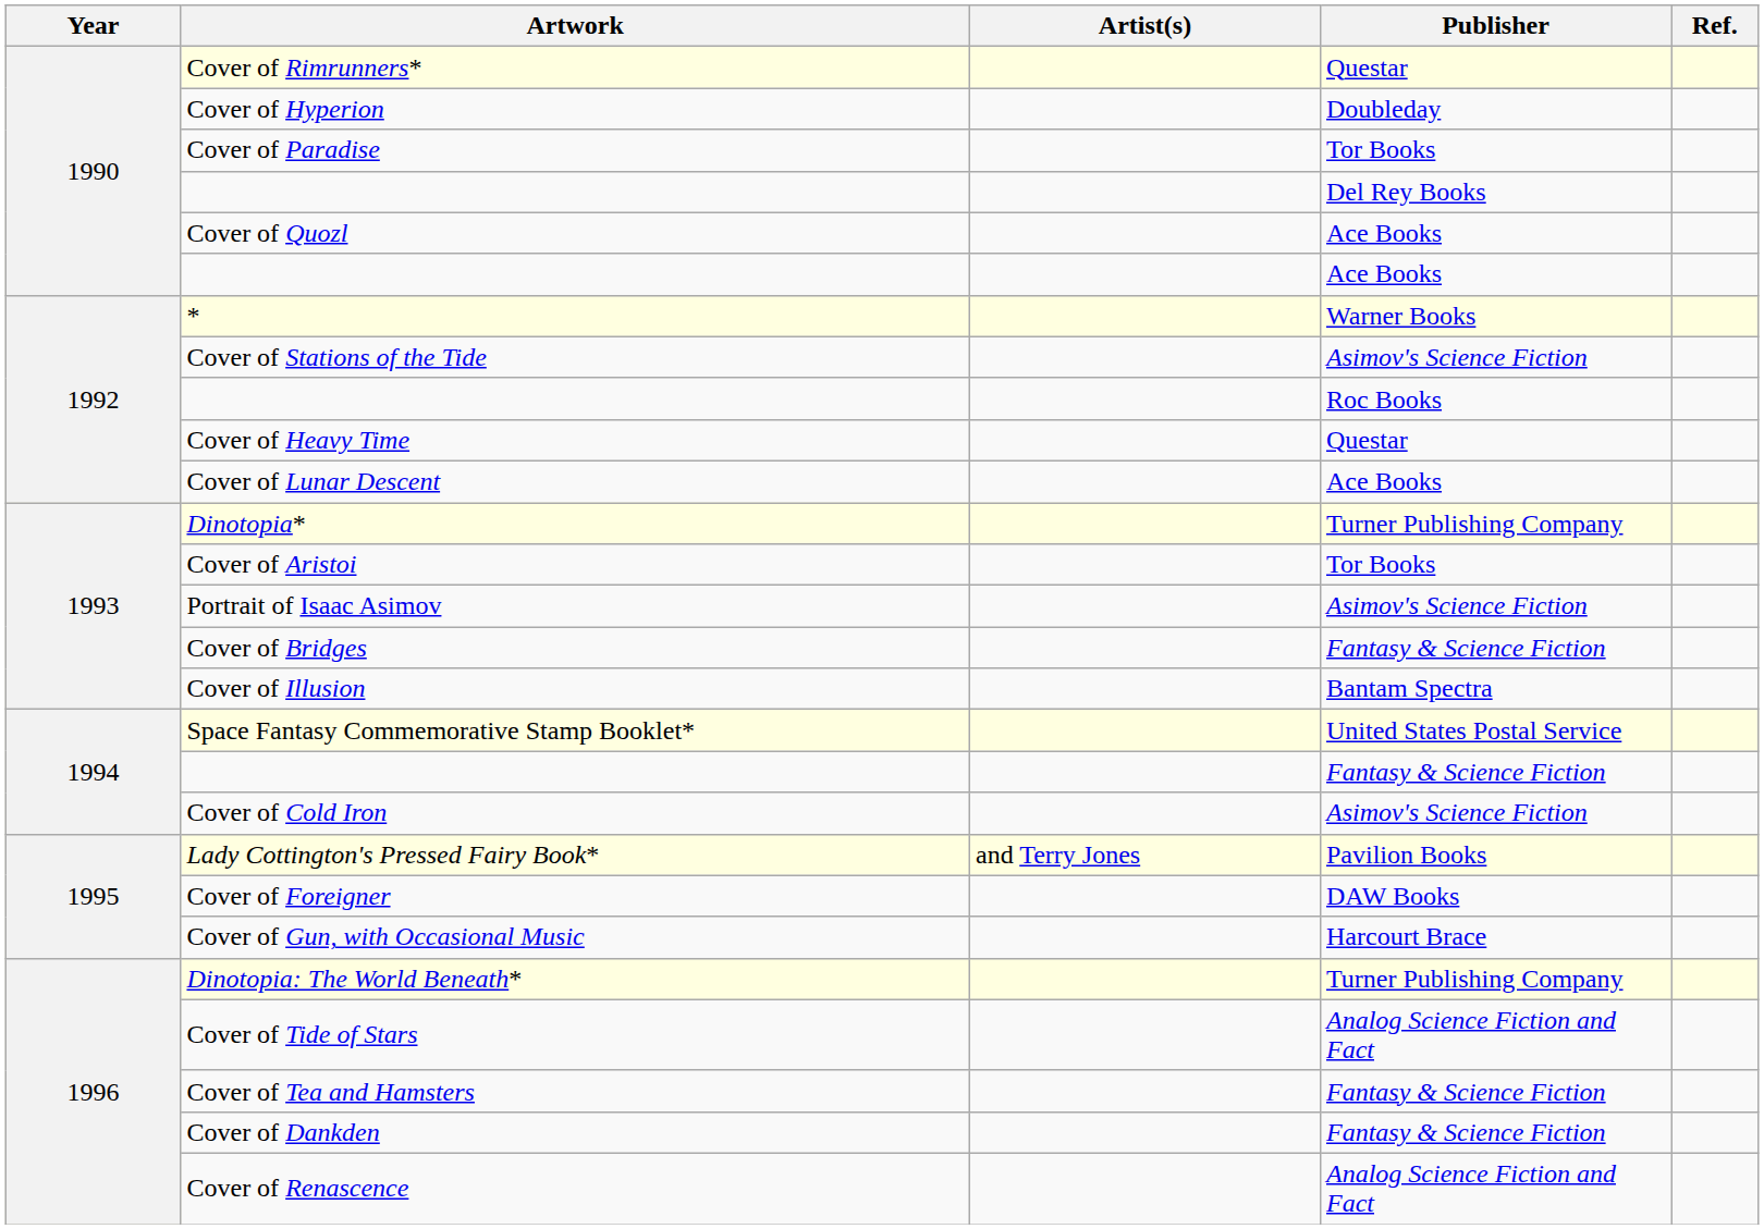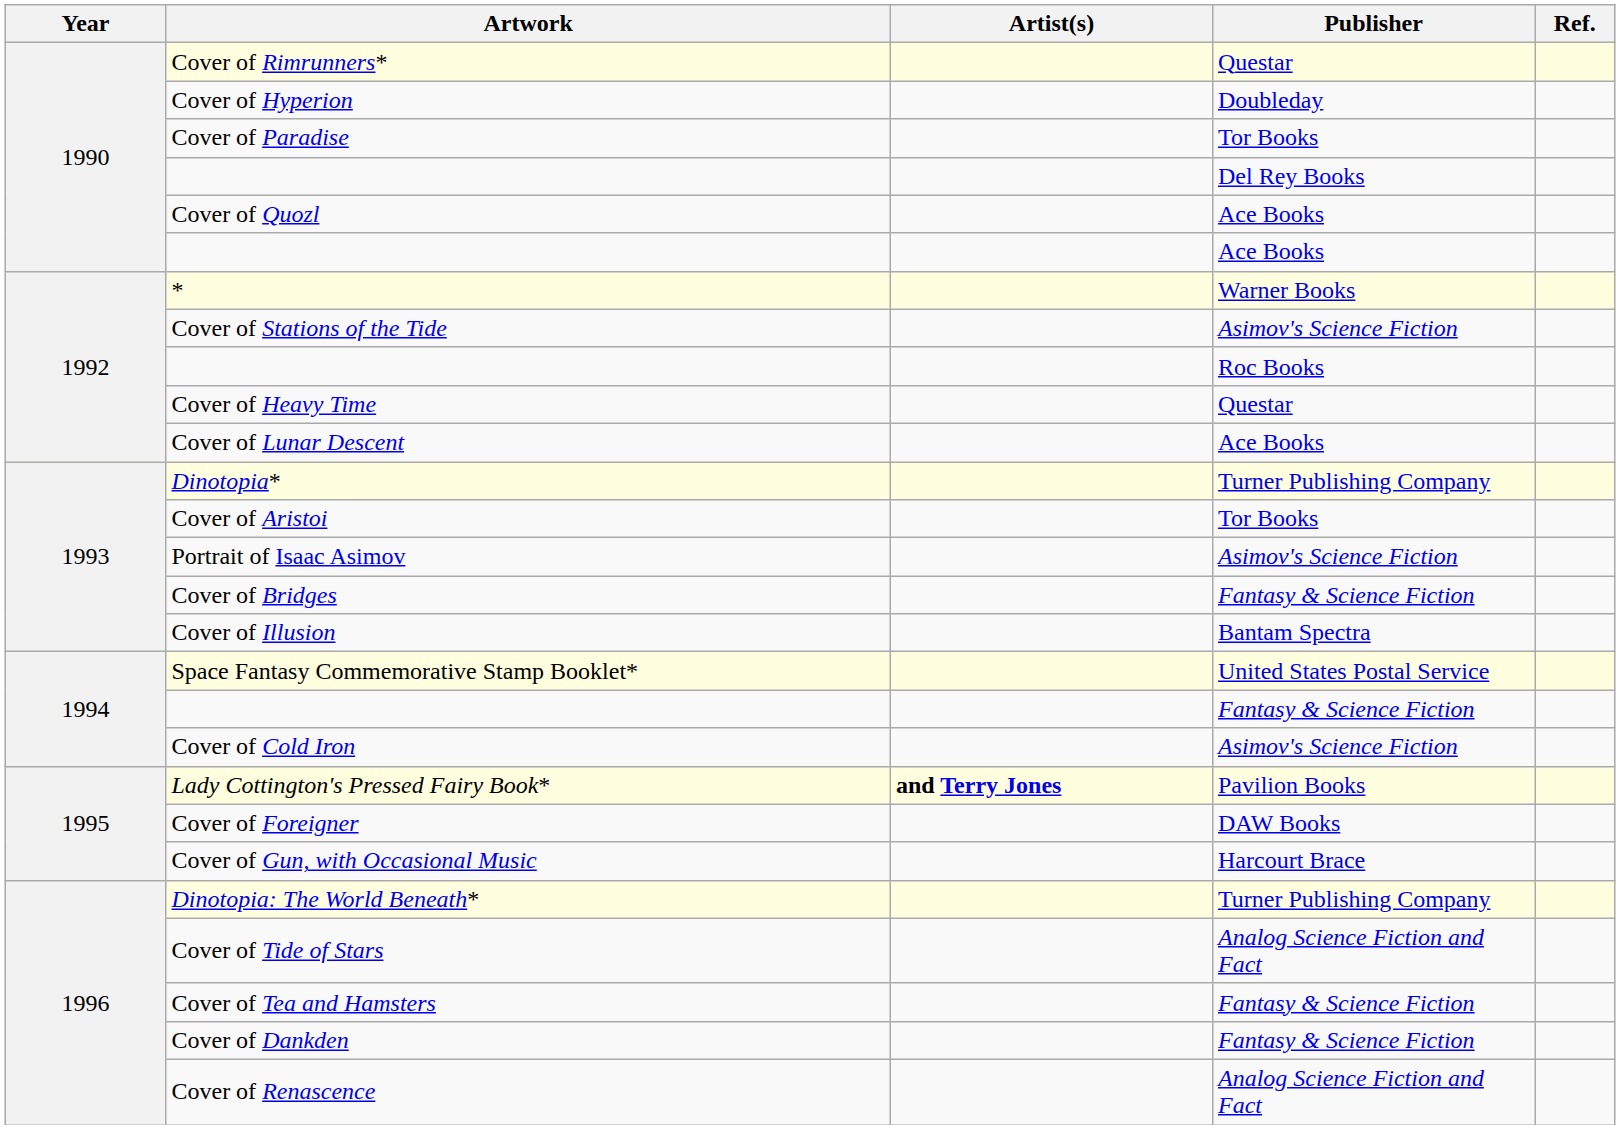 <table class="sortable wikitable" width="85%" cellpadding="5" style="margin: 1em auto 1em auto">
 <tr>
 <th width="10%" scope="col">Year</th>
 <th width="45%" scope="col">Artwork</th>
 <th width="20%" scope="col">Artist(s)</th>
 <th width="20%" scope="col">Publisher</th>
 <th width="5%" scope="col" class="unsortable">Ref.</th>
 </tr>
 <tr style="background:lightyellow;">
 <th scope="rowgroup" align="center" rowspan="6" style="font-weight:normal;">1990</th>
 <td>Cover of <em><a href='#'>Rimrunners</a></em>*</td>
 <td></td>
 <td><a href='#'>Questar</a></td>
 <td align="center"></td>
 </tr>
 <tr>
 <td>Cover of <em><a href='#'>Hyperion</a></em></td>
 <td></td>
 <td><a href='#'>Doubleday</a></td>
 <td align="center"></td>
 </tr>
 <tr>
 <td>Cover of <em><a href='#'>Paradise</a></em></td>
 <td></td>
 <td><a href='#'>Tor Books</a></td>
 <td align="center"></td>
 </tr>
 <tr>
 <td></td>
 <td></td>
 <td><a href='#'>Del Rey Books</a></td>
 <td align="center"></td>
 </tr>
 <tr>
 <td>Cover of <em><a href='#'>Quozl</a></em></td>
 <td></td>
 <td><a href='#'>Ace Books</a></td>
 <td align="center"></td>
 </tr>
 <tr>
 <td></td>
 <td></td>
 <td><a href='#'>Ace Books</a></td>
 <td align="center"></td>
 </tr>
 <tr style="background:lightyellow;">
 <th scope="rowgroup" align="center" rowspan="5" style="font-weight:normal;">1992</th>
 <td>*</td>
 <td></td>
 <td><a href='#'>Warner Books</a></td>
 <td align="center"></td>
 </tr>
 <tr>
 <td>Cover of <em><a href='#'>Stations of the Tide</a></em></td>
 <td></td>
 <td><em><a href='#'>Asimov's Science Fiction</a></em></td>
 <td align="center"></td>
 </tr>
 <tr>
 <td></td>
 <td></td>
 <td><a href='#'>Roc Books</a></td>
 <td align="center"></td>
 </tr>
 <tr>
 <td>Cover of <em><a href='#'>Heavy Time</a></em></td>
 <td></td>
 <td><a href='#'>Questar</a></td>
 <td align="center"></td>
 </tr>
 <tr>
 <td>Cover of <em><a href='#'>Lunar Descent</a></em></td>
 <td></td>
 <td><a href='#'>Ace Books</a></td>
 <td align="center"></td>
 </tr>
 <tr style="background:lightyellow;">
 <th scope="rowgroup" align="center" rowspan="5" style="font-weight:normal;">1993</th>
 <td><em><a href='#'>Dinotopia</a></em>*</td>
 <td></td>
 <td><a href='#'>Turner Publishing Company</a></td>
 <td align="center"></td>
 </tr>
 <tr>
 <td>Cover of <em><a href='#'>Aristoi</a></em></td>
 <td></td>
 <td><a href='#'>Tor Books</a></td>
 <td align="center"></td>
 </tr>
 <tr>
 <td>Portrait of <a href='#'>Isaac Asimov</a></td>
 <td></td>
 <td><em><a href='#'>Asimov's Science Fiction</a></em></td>
 <td align="center"></td>
 </tr>
 <tr>
 <td>Cover of <em><a href='#'>Bridges</a></em></td>
 <td></td>
 <td><em><a href='#'>Fantasy & Science Fiction</a></em></td>
 <td align="center"></td>
 </tr>
 <tr>
 <td>Cover of <em><a href='#'>Illusion</a></em></td>
 <td></td>
 <td><a href='#'>Bantam Spectra</a></td>
 <td align="center"></td>
 </tr>
 <tr style="background:lightyellow;">
 <th scope="rowgroup" align="center" rowspan="3" style="font-weight:normal;">1994</th>
 <td>Space Fantasy Commemorative Stamp Booklet*</td>
 <td></td>
 <td><a href='#'>United States Postal Service</a></td>
 <td align="center"></td>
 </tr>
 <tr>
 <td></td>
 <td></td>
 <td><em><a href='#'>Fantasy & Science Fiction</a></em></td>
 <td align="center"></td>
 </tr>
 <tr>
 <td>Cover of <em><a href='#'>Cold Iron</a></em></td>
 <td></td>
 <td><em><a href='#'>Asimov's Science Fiction</a></em></td>
 <td align="center"></td>
 </tr>
 <tr style="background:lightyellow;">
 <th scope="rowgroup" align="center" rowspan="3" style="font-weight:normal;">1995</th>
 <td><em>Lady Cottington's Pressed Fairy Book</em>*</td>
-<td> and <a href='#'>Terry Jones</a></td>
+<td><strong> and <a href='#'>Terry Jones</a></strong></td>
 <td><a href='#'>Pavilion Books</a></td>
 <td align="center"></td>
 </tr>
 <tr>
 <td>Cover of <em><a href='#'>Foreigner</a></em></td>
 <td></td>
 <td><a href='#'>DAW Books</a></td>
 <td align="center"></td>
 </tr>
 <tr>
 <td>Cover of <em><a href='#'>Gun, with Occasional Music</a></em></td>
 <td></td>
 <td><a href='#'>Harcourt Brace</a></td>
 <td align="center"></td>
 </tr>
 <tr style="background:lightyellow;">
 <th scope="rowgroup" align="center" rowspan="5" style="font-weight:normal;">1996</th>
 <td><em><a href='#'>Dinotopia: The World Beneath</a></em>*</td>
 <td></td>
 <td><a href='#'>Turner Publishing Company</a></td>
 <td align="center"></td>
 </tr>
 <tr>
 <td>Cover of <em><a href='#'>Tide of Stars</a></em></td>
 <td></td>
 <td><em><a href='#'>Analog Science Fiction and Fact</a></em></td>
 <td align="center"></td>
 </tr>
 <tr>
 <td>Cover of <em><a href='#'>Tea and Hamsters</a></em></td>
 <td></td>
 <td><em><a href='#'>Fantasy & Science Fiction</a></em></td>
 <td align="center"></td>
 </tr>
 <tr>
 <td>Cover of <em><a href='#'>Dankden</a></em></td>
 <td></td>
 <td><em><a href='#'>Fantasy & Science Fiction</a></em></td>
 <td align="center"></td>
 </tr>
 <tr>
 <td>Cover of <em><a href='#'>Renascence</a></em></td>
 <td></td>
 <td><em><a href='#'>Analog Science Fiction and Fact</a></em></td>
 <td align="center"></td>
 </tr>
 </table>
